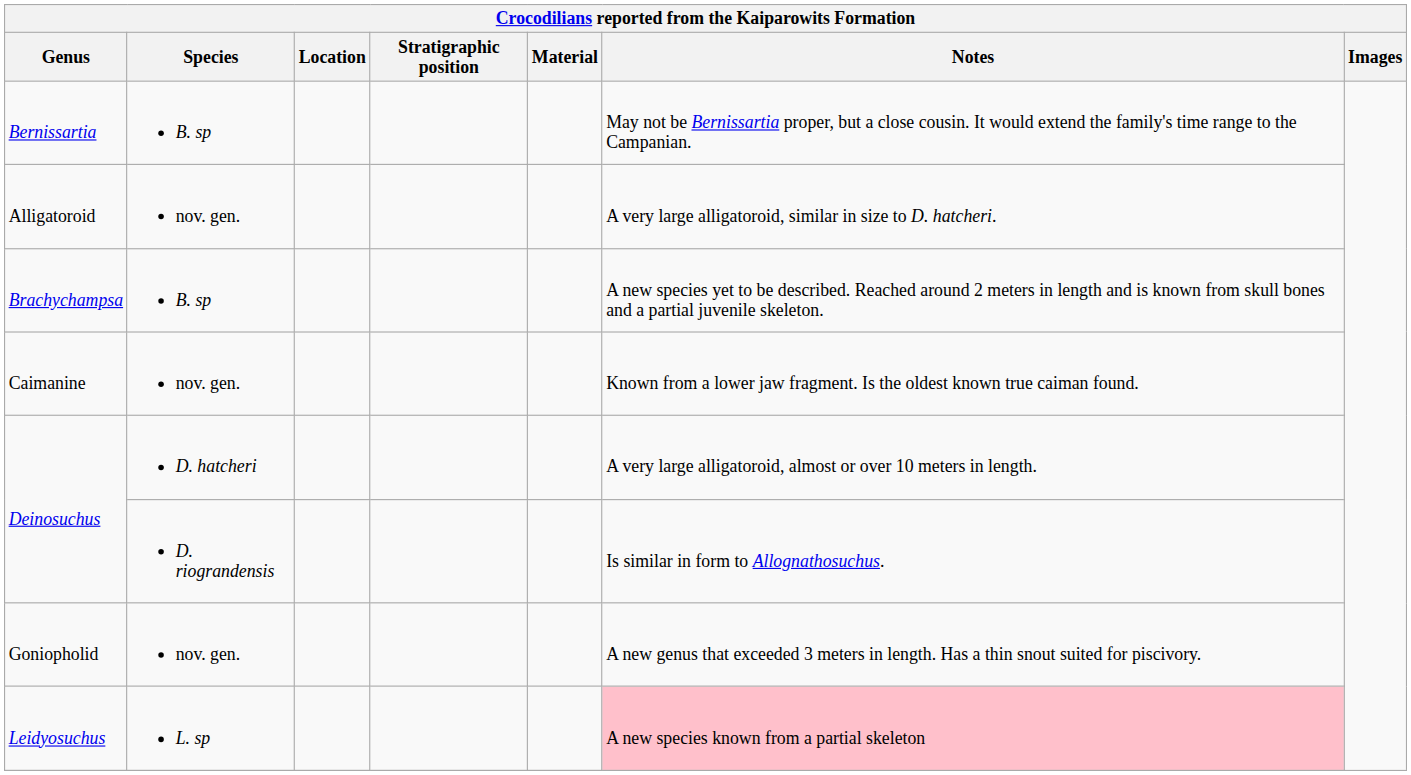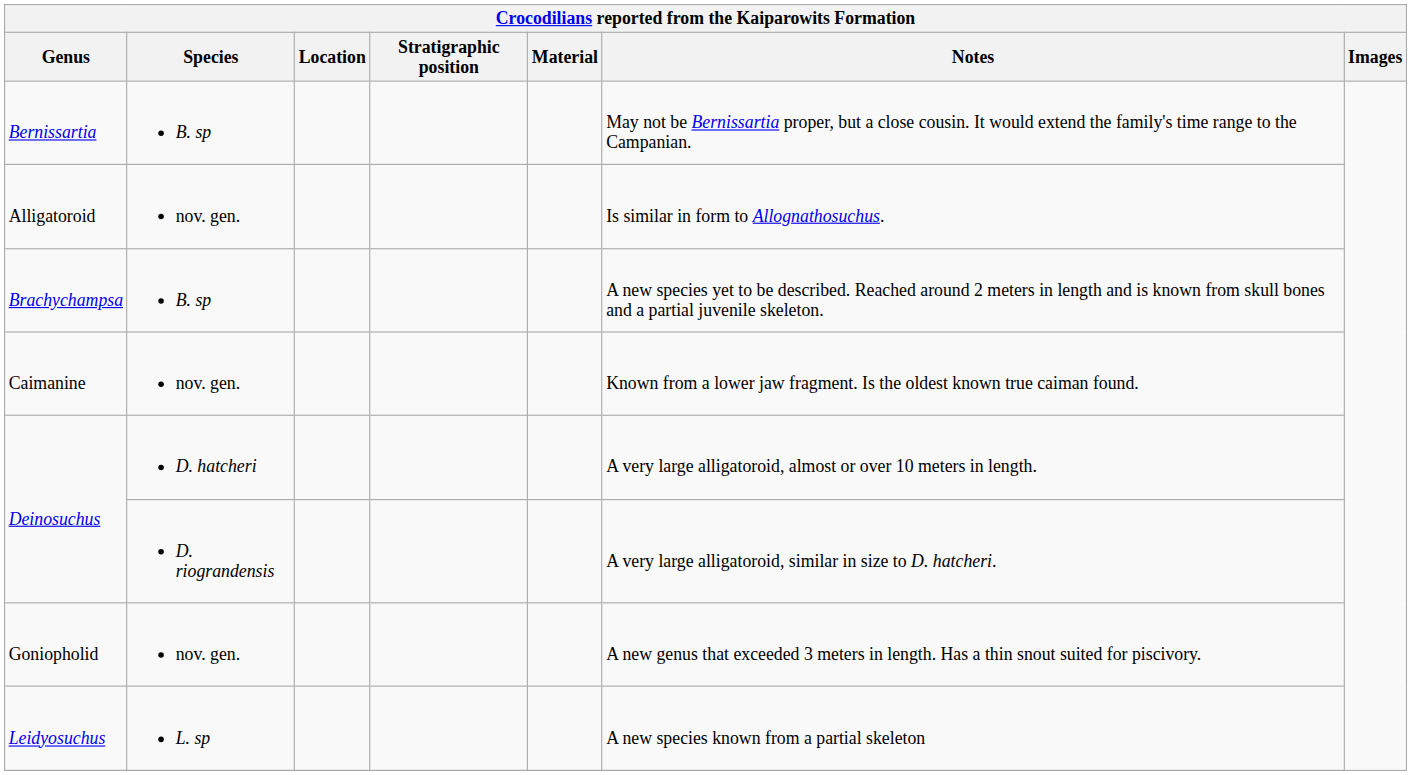 <table class="wikitable" align="center" width="100%">
 <tr>
 <th colspan="7" align="center"><strong><a href='#'>Crocodilians</a> reported from the Kaiparowits Formation</strong></th>
 </tr>
 <tr>
 <th>Genus</th>
 <th>Species</th>
 <th>Location</th>
 <th>Stratigraphic position</th>
 <th>Material</th>
 <th>Notes</th>
 <th>Images</th>
 </tr>
 <tr>
 <td><br><em><a href='#'>Bernissartia</a></em></td>
 <td><br><ul><li><em>B. sp</em></li></ul></td>
 <td></td>
 <td></td>
 <td></td>
 <td><br>May not be <em><a href='#'>Bernissartia</a></em> proper, but a close cousin. It would extend the family's time range to the Campanian.</td>
 <td rowspan="99"><br>  </td>
 </tr>
 <tr>
 <td><br>Alligatoroid</td>
 <td><br><ul><li>nov. gen.</li></ul></td>
 <td></td>
 <td></td>
 <td></td>
-<td><br>A very large alligatoroid, similar in size to <em>D. hatcheri</em>.</td>
+<td><br>Is similar in form to <em><a href='#'>Allognathosuchus</a></em>.</td>
 </tr>
 <tr>
 <td><br><em><a href='#'>Brachychampsa</a></em></td>
 <td><br><ul><li><em>B. sp</em></li></ul></td>
 <td></td>
 <td></td>
 <td></td>
 <td><br>A new species yet to be described. Reached around 2 meters in length and is known from skull bones and a partial juvenile skeleton.</td>
 </tr>
 <tr>
 <td><br>Caimanine</td>
 <td><br><ul><li>nov. gen.</li></ul></td>
 <td></td>
 <td></td>
 <td></td>
 <td><br>Known from a lower jaw fragment. Is the oldest known true caiman found.</td>
 </tr>
 <tr>
 <td rowspan=2><br><em><a href='#'>Deinosuchus</a></em></td>
 <td><br><ul><li><em>D. hatcheri</em></li></ul></td>
 <td></td>
 <td></td>
 <td></td>
 <td><br>A very large alligatoroid, almost or over 10 meters in length.</td>
 </tr>
 <tr>
 <td><br><ul><li><em>D. riograndensis</em></li></ul></td>
 <td></td>
 <td></td>
 <td></td>
-<td><br>Is similar in form to <em><a href='#'>Allognathosuchus</a></em>.</td>
+<td><br>A very large alligatoroid, similar in size to <em>D. hatcheri</em>.</td>
 </tr>
 <tr>
 <td><br>Goniopholid</td>
 <td><br><ul><li>nov. gen.</li></ul></td>
 <td></td>
 <td></td>
 <td></td>
 <td><br>A new genus that exceeded 3 meters in length. Has a thin snout suited for piscivory.</td>
 </tr>
 <tr>
 <td><br><em><a href='#'>Leidyosuchus</a></em></td>
 <td><br><ul><li><em>L. sp</em></li></ul></td>
 <td></td>
 <td></td>
 <td></td>
-<td style="background: pink;"><br>A new species known from a partial skeleton</td>
+<td><br>A new species known from a partial skeleton</td>
 </tr>
 <tr>
 </tr>
 </table>
